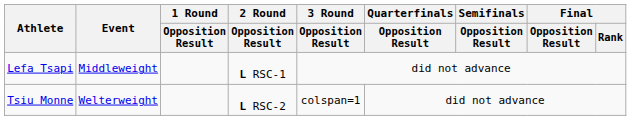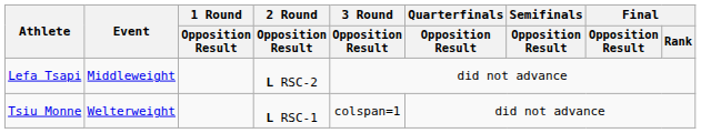 <table class="wikitable" style="font-size:90%">
 <tr>
 <th rowspan="2">Athlete</th>
 <th rowspan="2">Event</th>
 <th>1 Round</th>
 <th>2 Round</th>
 <th>3 Round</th>
 <th>Quarterfinals</th>
 <th>Semifinals</th>
 <th colspan=2>Final</th>
 </tr>
 <tr style="font-size:95%">
 <th>Opposition<br>Result</th>
 <th>Opposition<br>Result</th>
 <th>Opposition<br>Result</th>
 <th>Opposition<br>Result</th>
 <th>Opposition<br>Result</th>
 <th>Opposition<br>Result</th>
 <th>Rank</th>
 </tr>
 <tr align=center>
 <td align=left><a href='#'>Lefa Tsapi</a></td>
 <td align=left><a href='#'>Middleweight</a></td>
 <td></td>
-<td><br><strong>L</strong> RSC-1</td>
+<td><br><strong>L</strong> RSC-2</td>
 <td colspan=5>did not advance</td>
 </tr>
 <tr align=center>
 <td align=left><a href='#'>Tsiu Monne</a></td>
 <td align=left><a href='#'>Welterweight</a></td>
 <td></td>
-<td><br><strong>L</strong> RSC-2</td>
+<td><br><strong>L</strong> RSC-1</td>
 <td>colspan=1 </td>
 <td colspan=4>did not advance</td>
 </tr>
 </table>
